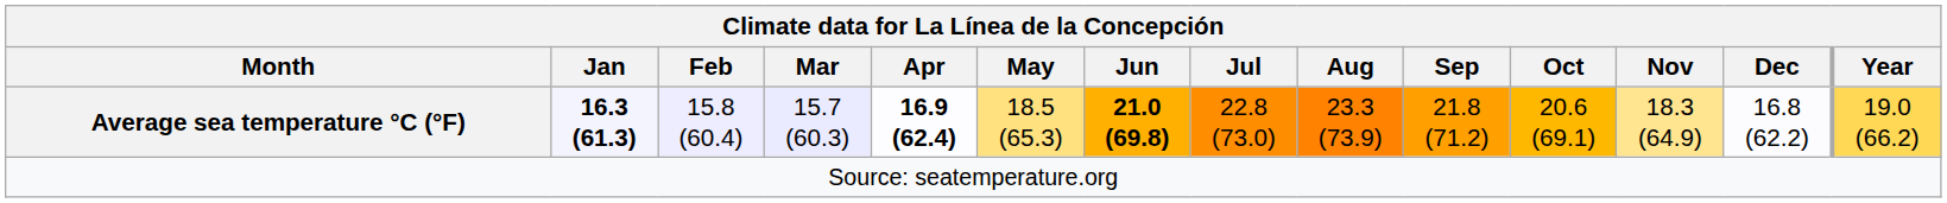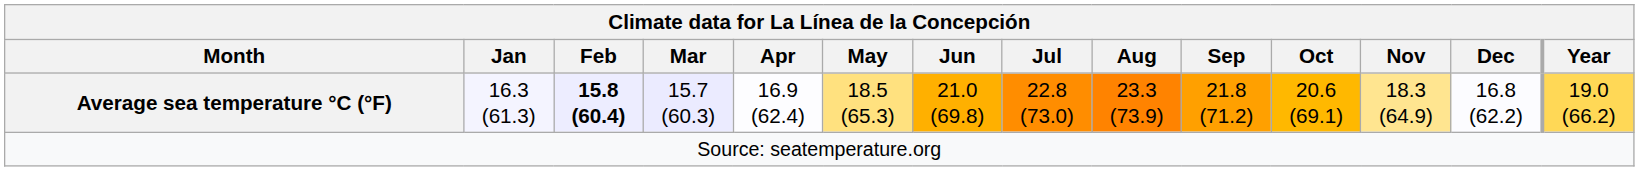 <table style="width:100%;text-align:center;line-height:1.2em;margin-left:auto;margin-right:auto" class="wikitable mw-collapsible">
 <tr>
 <th Colspan=14>Climate data for La Línea de la Concepción</th>
 </tr>
 <tr>
 <th>Month</th>
 <th>Jan</th>
 <th>Feb</th>
 <th>Mar</th>
 <th>Apr</th>
 <th>May</th>
 <th>Jun</th>
 <th>Jul</th>
 <th>Aug</th>
 <th>Sep</th>
 <th>Oct</th>
 <th>Nov</th>
 <th>Dec</th>
 <th style="border-left-width:medium">Year</th>
 </tr>
 <tr>
 <th>Average sea temperature °C (°F)</th>
-<td style="background:#F4F4FF;color:#000000;"><strong>16.3<br>(61.3)</strong></td>
-<td style="background:#EDEDFF;color:#000000;">15.8<br>(60.4)</td>
+<td style="background:#F4F4FF;color:#000000;">16.3<br>(61.3)</td>
+<td style="background:#EDEDFF;color:#000000;"><strong>15.8<br>(60.4)</strong></td>
 <td style="background:#EBEBFF;color:#000000;">15.7<br>(60.3)</td>
-<td style="background:#FDFDFF;color:#000000;"><strong>16.9<br>(62.4)</strong></td>
+<td style="background:#FDFDFF;color:#000000;">16.9<br>(62.4)</td>
 <td style="background:#FFE17F;color:#000000;">18.5<br>(65.3)</td>
-<td style="background:#FFB000;color:#000000;"><strong>21.0<br>(69.8)</strong></td>
+<td style="background:#FFB000;color:#000000;">21.0<br>(69.8)</td>
 <td style="background:#FF8D00;color:#000000;">22.8<br>(73.0)</td>
 <td style="background:#FF8300;color:#000000;">23.3<br>(73.9)</td>
 <td style="background:#FFA000;color:#000000;">21.8<br>(71.2)</td>
 <td style="background:#FFB800;color:#000000;">20.6<br>(69.1)</td>
 <td style="background:#FFE590;color:#000000;">18.3<br>(64.9)</td>
 <td style="background:#FCFCFF;color:#000000;">16.8<br>(62.2)</td>
 <td style="background:#FFD856;color:#000000;border-left-width:medium">19.0<br>(66.2)</td>
 </tr>
 <tr>
 <th Colspan=14 style="background:#f8f9fa;font-weight:normal;font-size:95%;">Source: seatemperature.org </th>
 </tr>
 </table>
